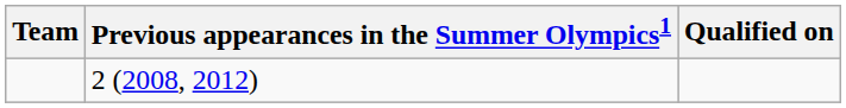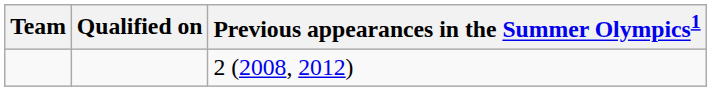 <table class="wikitable sortable">
 <tr>
 <th>Team</th>
+<th>Qualified on</th>
 <th data-sort-type="number">Previous appearances in the <a href='#'>Summer Olympics</a><sup><strong><a href='#'>1</a></strong></sup></th>
-<th>Qualified on</th>
 </tr>
 <tr>
 <td></td>
+<td></td>
 <td>2 (<a href='#'>2008</a>, <a href='#'>2012</a>)</td>
-<td></td>
 </tr>
 </table>
